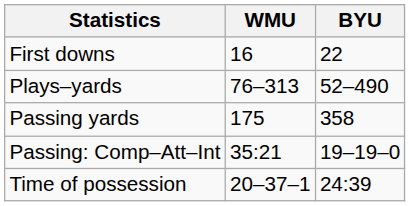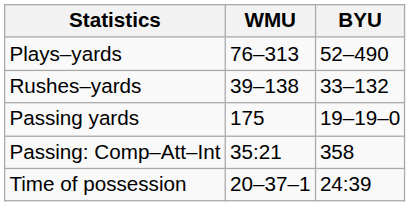 <table class="wikitable">
 <tr>
 <th>Statistics</th>
 <th>WMU</th>
 <th>BYU</th>
 </tr>
 <tr>
-<td>First downs</td>
-<td>16</td>
-<td>22</td>
-</tr>
-<tr>
 <td>Plays–yards</td>
 <td>76–313</td>
 <td>52–490</td>
 </tr>
 <tr>
+<td>Rushes–yards</td>
+<td>39–138</td>
+<td>33–132</td>
+</tr>
+<tr>
 <td>Passing yards</td>
 <td>175</td>
-<td>358</td>
+<td>19–19–0</td>
 </tr>
 <tr>
 <td>Passing: Comp–Att–Int</td>
 <td>35:21</td>
-<td>19–19–0</td>
+<td>358</td>
 </tr>
 <tr>
 <td>Time of possession</td>
 <td>20–37–1</td>
 <td>24:39</td>
 </tr>
 </table>
